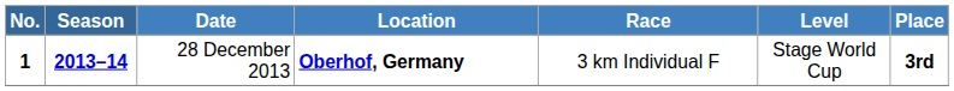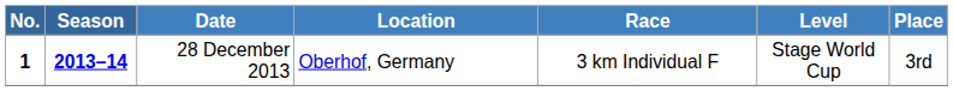 <table class="wikitable sortable" style="font-size:95%; text-align:center; border:grey solid 1px; border-collapse:collapse; background:#ffffff;">
 <tr style="background:#efefef;">
 <th style="background-color:#369; color:white;">No.</th>
 <th style="background-color:#369; color:white;">Season</th>
 <th style="background-color:#4180be; color:white; width:120px;">Date</th>
 <th style="background-color:#4180be; color:white; width:190px;">Location</th>
 <th style="background-color:#4180be; color:white; width:170px;">Race</th>
 <th style="background-color:#4180be; color:white; width:100px;">Level</th>
 <th style="background-color:#4180be; color:white;">Place</th>
 </tr>
 <tr>
 <td align=center><strong>1</strong></td>
 <td rowspan=1 align=center><strong> <a href='#'>2013–14</a> </strong></td>
 <td align=right>28 December 2013</td>
-<td align=left><strong> <a href='#'>Oberhof</a>, Germany</strong></td>
+<td align=left> <a href='#'>Oberhof</a>, Germany</td>
 <td>3 km Individual F</td>
 <td>Stage World Cup</td>
-<td><strong>3rd</strong></td>
+<td>3rd</td>
 </tr>
 <tr>
 </tr>
 </table>
